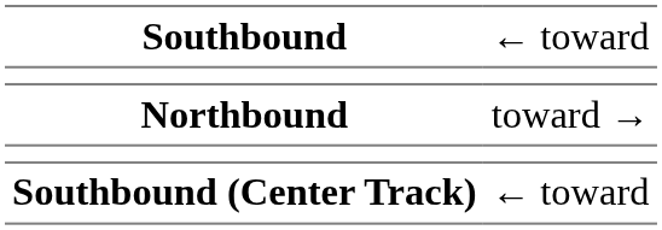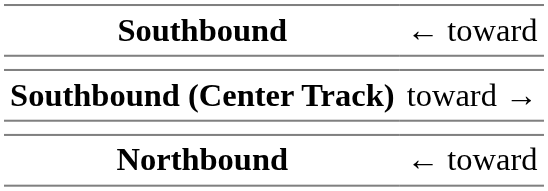 <table border="1" cellspacing="0" cellpadding="3" frame="hsides" rules="rows">
 <tr>
 <th><span>Southbound</span></th>
 <td>←  toward </td>
 </tr>
 <tr>
 <th></th>
 <td></td>
 </tr>
 <tr>
-<th><span>Northbound</span></th>
+<th><span>Southbound (Center Track)</span></th>
 <td>  toward  →</td>
 </tr>
 <tr>
 <th></th>
 <td></td>
 </tr>
 <tr>
-<th><span>Southbound (Center Track)</span></th>
+<th><span>Northbound</span></th>
 <td>←  toward </td>
 </tr>
 </table>
